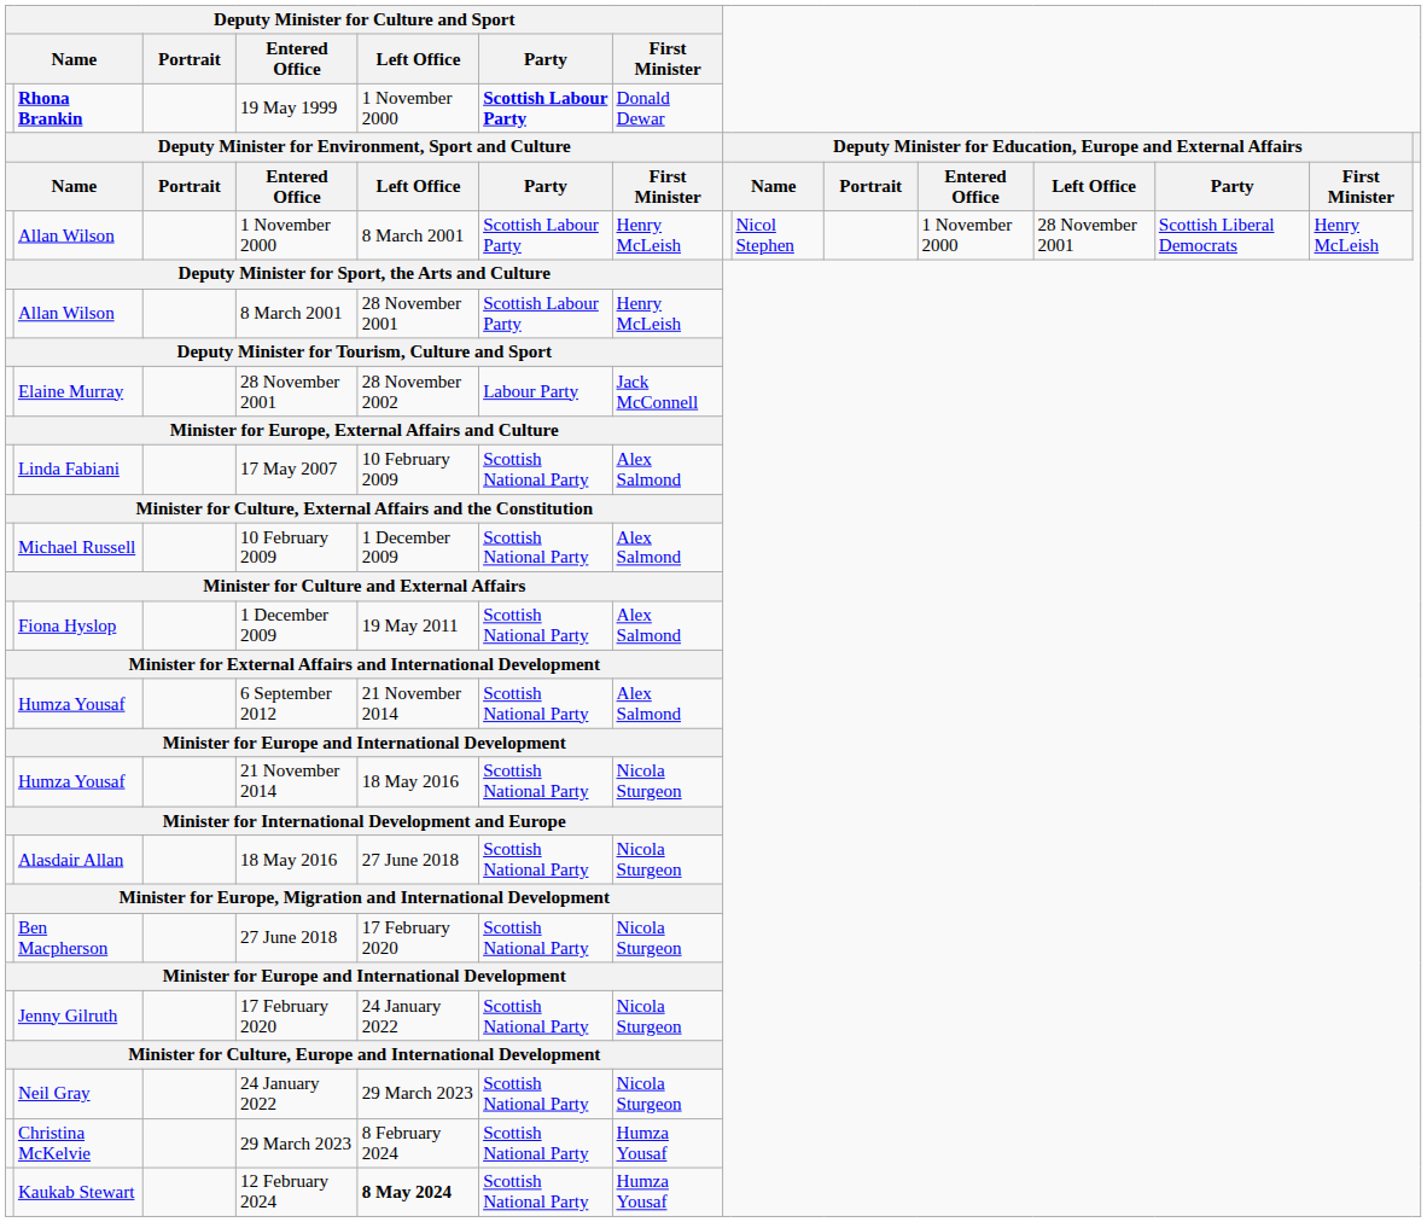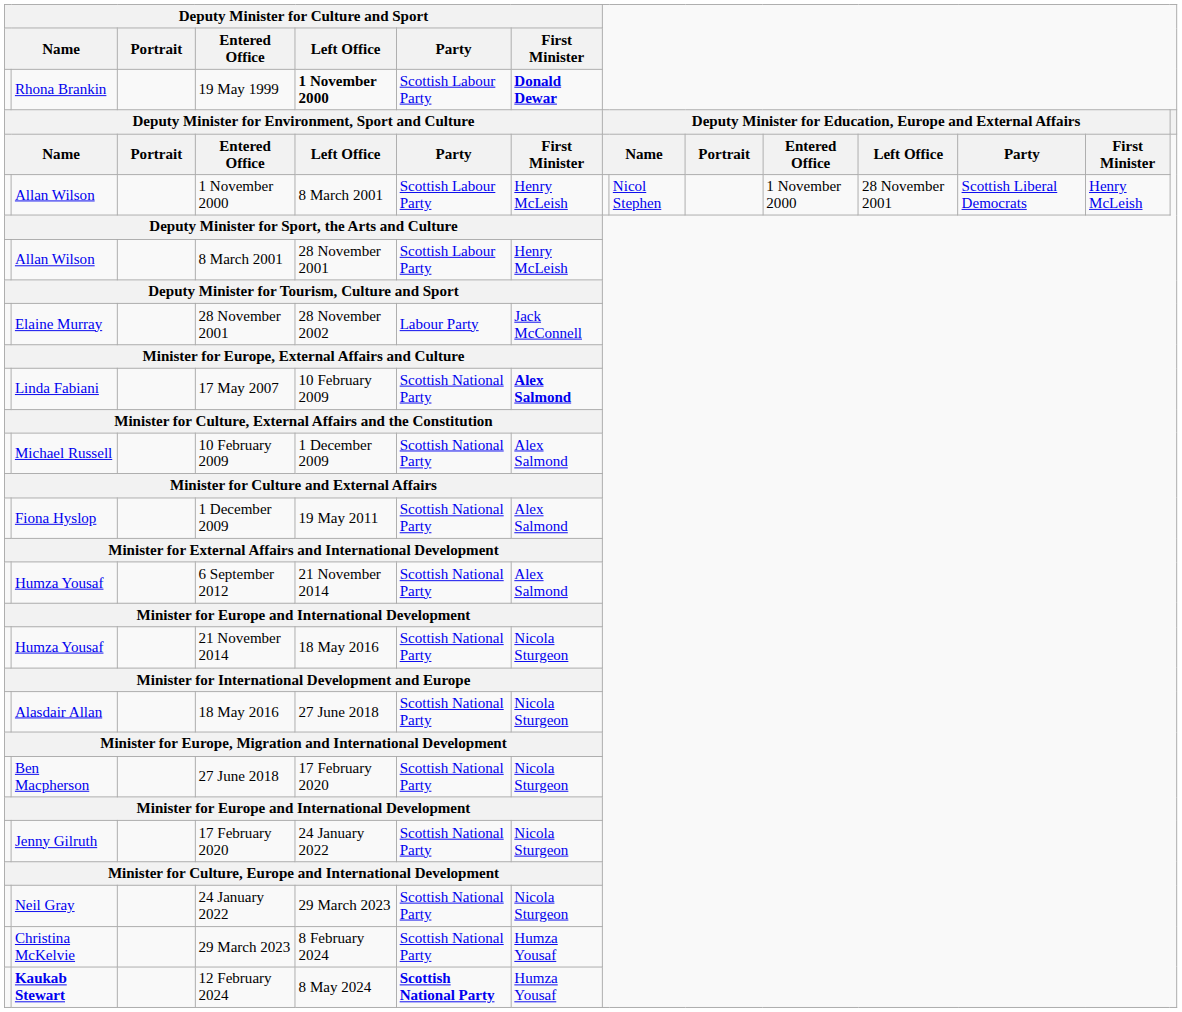 <table class="wikitable" style="margin: 0 0 0 1em; background: #f9f9f9; border: 1px #aaaaaa solid; border-collapse: collapse; ">
 <tr>
 <th colspan="7">Deputy Minister for Culture and Sport</th>
 </tr>
 <tr>
 <th colspan="2">Name</th>
 <th width=75>Portrait</th>
 <th>Entered Office</th>
 <th>Left Office</th>
 <th>Party</th>
 <th>First Minister</th>
 </tr>
 <tr>
 <td></td>
-<td><strong><a href='#'>Rhona Brankin</a></strong></td>
+<td><a href='#'>Rhona Brankin</a></td>
 <td></td>
 <td>19 May 1999</td>
-<td>1 November 2000</td>
-<td><strong><a href='#'>Scottish Labour Party</a></strong></td>
-<td><a href='#'>Donald Dewar</a></td>
+<td><strong>1 November 2000</strong></td>
+<td><a href='#'>Scottish Labour Party</a></td>
+<td><strong><a href='#'>Donald Dewar</a></strong></td>
 </tr>
 <tr>
 <th colspan="7">Deputy Minister for Environment, Sport and Culture</th>
 <th colspan=7>Deputy Minister for Education, Europe and External Affairs</th>
 <th colspan=7></th>
 </tr>
 <tr>
 <th colspan="2">Name</th>
 <th width=75>Portrait</th>
 <th>Entered Office</th>
 <th>Left Office</th>
 <th>Party</th>
 <th>First Minister</th>
 <th colspan="2">Name</th>
 <th width=75>Portrait</th>
 <th>Entered Office</th>
 <th>Left Office</th>
 <th>Party</th>
 <th>First Minister</th>
 </tr>
 <tr>
 <td></td>
 <td><a href='#'>Allan Wilson</a></td>
 <td></td>
 <td>1 November 2000</td>
 <td>8 March 2001</td>
 <td><a href='#'>Scottish Labour Party</a></td>
 <td><a href='#'>Henry McLeish</a></td>
 <td></td>
 <td><a href='#'>Nicol Stephen</a></td>
 <td></td>
 <td>1 November 2000</td>
 <td>28 November 2001</td>
 <td><a href='#'>Scottish Liberal Democrats</a></td>
 <td><a href='#'>Henry McLeish</a></td>
 </tr>
 <tr>
 <th colspan="7">Deputy Minister for Sport, the Arts and Culture</th>
 </tr>
 <tr>
 <td></td>
 <td><a href='#'>Allan Wilson</a></td>
 <td></td>
 <td>8 March 2001</td>
 <td>28 November 2001</td>
 <td><a href='#'>Scottish Labour Party</a></td>
 <td><a href='#'>Henry McLeish</a></td>
 </tr>
 <tr>
 <th colspan="7">Deputy Minister for Tourism, Culture and Sport</th>
 </tr>
 <tr>
 <td></td>
 <td><a href='#'>Elaine Murray</a></td>
 <td></td>
 <td>28 November 2001</td>
 <td>28 November 2002</td>
 <td><a href='#'>Labour Party</a></td>
 <td><a href='#'>Jack McConnell</a></td>
 </tr>
 <tr>
 <th colspan="7">Minister for Europe, External Affairs and Culture</th>
 </tr>
 <tr>
 <td></td>
 <td><a href='#'>Linda Fabiani</a></td>
 <td></td>
 <td>17 May 2007</td>
 <td>10 February 2009</td>
 <td><a href='#'>Scottish National Party</a></td>
-<td><a href='#'>Alex Salmond</a></td>
+<td><strong><a href='#'>Alex Salmond</a></strong></td>
 </tr>
 <tr>
 <th colspan="7">Minister for Culture, External Affairs and the Constitution</th>
 </tr>
 <tr>
 <td></td>
 <td><a href='#'>Michael Russell</a></td>
 <td></td>
 <td>10 February 2009</td>
 <td>1 December 2009</td>
 <td><a href='#'>Scottish National Party</a></td>
 <td><a href='#'>Alex Salmond</a></td>
 </tr>
 <tr>
 <th colspan="7">Minister for Culture and External Affairs</th>
 </tr>
 <tr>
 <td></td>
 <td><a href='#'>Fiona Hyslop</a></td>
 <td></td>
 <td>1 December 2009</td>
 <td>19 May 2011</td>
 <td><a href='#'>Scottish National Party</a></td>
 <td><a href='#'>Alex Salmond</a></td>
 </tr>
 <tr>
 <th colspan="7">Minister for External Affairs and International Development</th>
 </tr>
 <tr>
 <td></td>
 <td><a href='#'>Humza Yousaf</a></td>
 <td></td>
 <td>6 September 2012</td>
 <td>21 November 2014</td>
 <td><a href='#'>Scottish National Party</a></td>
 <td><a href='#'>Alex Salmond</a></td>
 </tr>
 <tr>
 <th colspan="7">Minister for Europe and International Development</th>
 </tr>
 <tr>
 <td></td>
 <td><a href='#'>Humza Yousaf</a></td>
 <td></td>
 <td>21 November 2014</td>
 <td>18 May 2016</td>
 <td><a href='#'>Scottish National Party</a></td>
 <td><a href='#'>Nicola Sturgeon</a></td>
 </tr>
 <tr>
 <th colspan="7">Minister for International Development and Europe</th>
 </tr>
 <tr>
 <td></td>
 <td><a href='#'>Alasdair Allan</a></td>
 <td></td>
 <td>18 May 2016</td>
 <td>27 June 2018</td>
 <td><a href='#'>Scottish National Party</a></td>
 <td><a href='#'>Nicola Sturgeon</a></td>
 </tr>
 <tr>
 <th colspan="7">Minister for Europe, Migration and International Development</th>
 </tr>
 <tr>
 <td></td>
 <td><a href='#'>Ben Macpherson</a></td>
 <td></td>
 <td>27 June 2018</td>
 <td>17 February 2020</td>
 <td><a href='#'>Scottish National Party</a></td>
 <td><a href='#'>Nicola Sturgeon</a></td>
 </tr>
 <tr>
 <th colspan="7">Minister for Europe and International Development</th>
 </tr>
 <tr>
 <td></td>
 <td><a href='#'>Jenny Gilruth</a></td>
 <td></td>
 <td>17 February 2020</td>
 <td>24 January 2022</td>
 <td><a href='#'>Scottish National Party</a></td>
 <td><a href='#'>Nicola Sturgeon</a></td>
 </tr>
 <tr>
 <th colspan="7">Minister for Culture, Europe and International Development</th>
 </tr>
 <tr>
 <td></td>
 <td><a href='#'>Neil Gray</a></td>
 <td></td>
 <td>24 January 2022</td>
 <td>29 March 2023</td>
 <td><a href='#'>Scottish National Party</a></td>
 <td><a href='#'>Nicola Sturgeon</a></td>
 </tr>
 <tr>
 <td></td>
 <td><a href='#'>Christina McKelvie</a></td>
 <td></td>
 <td>29 March 2023</td>
 <td>8 February 2024</td>
 <td><a href='#'>Scottish National Party</a></td>
 <td><a href='#'>Humza Yousaf</a></td>
 </tr>
 <tr>
 <td></td>
-<td><a href='#'>Kaukab Stewart</a></td>
+<td><strong><a href='#'>Kaukab Stewart</a></strong></td>
 <td></td>
 <td>12 February 2024</td>
-<td><strong>8 May 2024</strong></td>
-<td><a href='#'>Scottish National Party</a></td>
+<td>8 May 2024</td>
+<td><strong><a href='#'>Scottish National Party</a></strong></td>
 <td><a href='#'>Humza Yousaf</a></td>
 </tr>
 </table>
